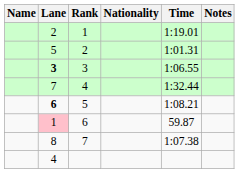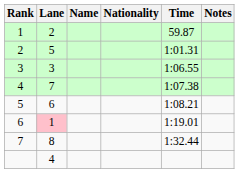 <table class="wikitable sortable" style="text-align:center">
 <tr>
+<th>Rank</th>
+<th>Lane</th>
 <th>Name</th>
-<th>Lane</th>
-<th>Rank</th>
 <th>Nationality</th>
 <th>Time</th>
 <th>Notes</th>
 </tr>
 <tr bgcolor=ccffcc>
+<td>1</td>
+<td>2</td>
 <td align=left></td>
-<td>2</td>
-<td>1</td>
 <td align=left></td>
-<td>1:19.01</td>
+<td>59.87</td>
 <td><strong></strong></td>
 </tr>
 <tr bgcolor=ccffcc>
+<td>2</td>
+<td>5</td>
 <td align=left></td>
-<td>5</td>
-<td>2</td>
 <td align=left></td>
 <td>1:01.31</td>
 <td><strong></strong></td>
 </tr>
 <tr bgcolor=ccffcc>
+<td>3</td>
+<td>3</td>
 <td align=left></td>
-<td><strong>3</strong></td>
-<td>3</td>
 <td align=left></td>
 <td>1:06.55</td>
 <td><strong></strong></td>
 </tr>
 <tr bgcolor=ccffcc>
+<td>4</td>
+<td>7</td>
 <td align=left></td>
-<td>7</td>
-<td>4</td>
 <td align=left></td>
-<td>1:32.44</td>
+<td>1:07.38</td>
 <td><strong></strong></td>
 </tr>
 <tr>
+<td>5</td>
+<td>6</td>
 <td align=left></td>
-<td><strong>6</strong></td>
-<td>5</td>
 <td align=left></td>
 <td>1:08.21</td>
 <td></td>
 </tr>
 <tr>
+<td>6</td>
+<td style="background: pink;">1</td>
 <td align=left></td>
-<td style="background: pink;">1</td>
-<td>6</td>
 <td align=left></td>
-<td>59.87</td>
+<td>1:19.01</td>
 <td></td>
 </tr>
 <tr>
+<td>7</td>
+<td>8</td>
 <td align=left></td>
-<td>8</td>
-<td>7</td>
 <td align=left></td>
-<td>1:07.38</td>
+<td>1:32.44</td>
 <td></td>
 </tr>
 <tr>
+<td></td>
+<td>4</td>
 <td align=left></td>
-<td>4</td>
-<td></td>
 <td align=left></td>
 <td></td>
 <td><strong></strong></td>
 </tr>
 </table>
